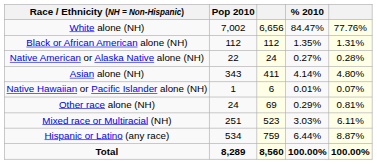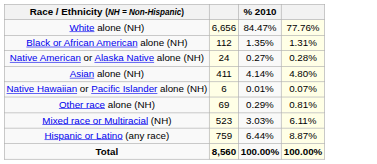 <table class="wikitable" style="text-align:center;">
 <tr>
 <th>Race / Ethnicity <small>(<em>NH = Non-Hispanic</em>)</small></th>
-<th>Pop 2010</th>
 <th></th>
 <th>% 2010</th>
 <th></th>
 </tr>
 <tr>
 <td><a href='#'>White</a> alone (NH)</td>
-<td>7,002</td>
 <td style='background: #ffffe6;'>6,656</td>
 <td>84.47%</td>
 <td style='background: #ffffe6;'>77.76%</td>
 </tr>
 <tr>
 <td><a href='#'>Black or African American</a> alone (NH)</td>
-<td>112</td>
 <td style='background: #ffffe6;'>112</td>
 <td>1.35%</td>
 <td style='background: #ffffe6;'>1.31%</td>
 </tr>
 <tr>
 <td><a href='#'>Native American</a> or <a href='#'>Alaska Native</a> alone (NH)</td>
-<td>22</td>
 <td style='background: #ffffe6;'>24</td>
 <td>0.27%</td>
 <td style='background: #ffffe6;'>0.28%</td>
 </tr>
 <tr>
 <td><a href='#'>Asian</a> alone (NH)</td>
-<td>343</td>
 <td style='background: #ffffe6;'>411</td>
 <td>4.14%</td>
 <td style='background: #ffffe6;'>4.80%</td>
 </tr>
 <tr>
 <td><a href='#'>Native Hawaiian</a> or <a href='#'>Pacific Islander</a> alone (NH)</td>
-<td>1</td>
 <td style='background: #ffffe6;'>6</td>
 <td>0.01%</td>
 <td style='background: #ffffe6;'>0.07%</td>
 </tr>
 <tr>
 <td><a href='#'>Other race</a> alone (NH)</td>
-<td>24</td>
 <td style='background: #ffffe6;'>69</td>
 <td>0.29%</td>
 <td style='background: #ffffe6;'>0.81%</td>
 </tr>
 <tr>
 <td><a href='#'>Mixed race or Multiracial</a> (NH)</td>
-<td>251</td>
 <td style='background: #ffffe6;'>523</td>
 <td>3.03%</td>
 <td style='background: #ffffe6;'>6.11%</td>
 </tr>
 <tr>
 <td><a href='#'>Hispanic or Latino</a> (any race)</td>
-<td>534</td>
 <td style='background: #ffffe6;'>759</td>
 <td>6.44%</td>
 <td style='background: #ffffe6;'>8.87%</td>
 </tr>
 <tr>
 <td><strong>Total</strong></td>
-<td><strong>8,289</strong></td>
 <td style='background: #ffffe6;'><strong>8,560</strong></td>
 <td><strong>100.00%</strong></td>
 <td style='background: #ffffe6;'><strong>100.00%</strong></td>
 </tr>
 </table>
